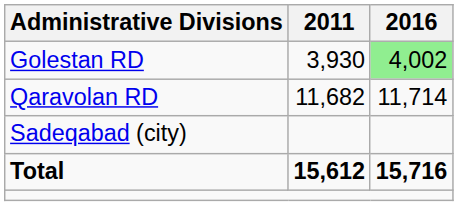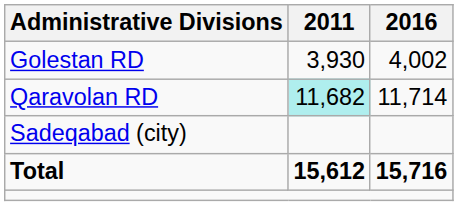 <table class="wikitable">
 <tr>
 <th>Administrative Divisions</th>
 <th>2011</th>
 <th>2016</th>
 </tr>
 <tr>
 <td><a href='#'>Golestan RD</a></td>
 <td style="text-align: right;">3,930</td>
-<td style="background: lightgreen; text-align: right;">4,002</td>
+<td style="text-align: right;">4,002</td>
 </tr>
 <tr>
 <td><a href='#'>Qaravolan RD</a></td>
-<td style="text-align: right;">11,682</td>
+<td style="background: paleturquoise; text-align: right;">11,682</td>
 <td style="text-align: right;">11,714</td>
 </tr>
 <tr>
 <td><a href='#'>Sadeqabad</a> (city)</td>
 <td style="text-align: right;"></td>
 <td style="text-align: right;"></td>
 </tr>
 <tr>
 <td><strong>Total</strong></td>
 <td style="text-align: right;"><strong>15,612</strong></td>
 <td style="text-align: right;"><strong>15,716</strong></td>
 </tr>
 <tr>
 <td colspan=3></td>
 </tr>
 </table>
